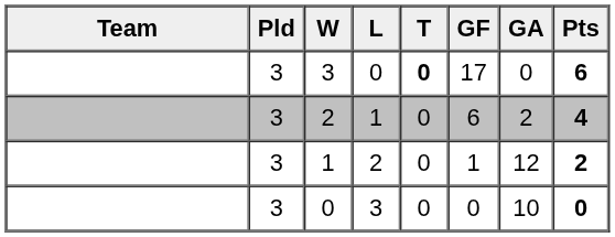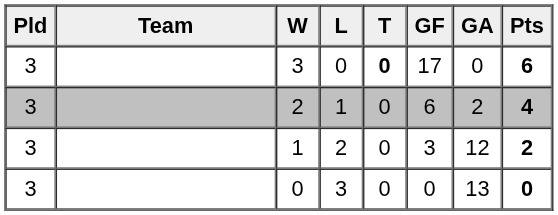 <table border=1 cellpadding=5 cellspacing=0>
 <tr>
+<th bgcolor="#efefef" width="20">Pld</th>
 <th bgcolor="#efefef" width="150">Team</th>
-<th bgcolor="#efefef" width="20">Pld</th>
 <th bgcolor="#efefef" width="20">W</th>
 <th bgcolor="#efefef" width="20">L</th>
 <th bgcolor="#efefef" width="20">T</th>
 <th bgcolor="#efefef" width="20">GF</th>
 <th bgcolor="#efefef" width="20">GA</th>
 <th bgcolor="#efefef" width="20">Pts</th>
 </tr>
 <tr align=center>
+<td>3</td>
 <td align=left></td>
-<td>3</td>
 <td>3</td>
 <td>0</td>
 <td><strong>0</strong></td>
 <td>17</td>
 <td>0</td>
 <td><strong>6</strong></td>
 </tr>
 <tr align=center bgcolor="silver">
+<td>3</td>
 <td align=left> </td>
-<td>3</td>
 <td>2</td>
 <td>1</td>
 <td>0</td>
 <td>6</td>
 <td>2</td>
 <td><strong>4</strong></td>
 </tr>
 <tr align=center>
+<td>3</td>
 <td align=left></td>
-<td>3</td>
 <td>1</td>
 <td>2</td>
 <td>0</td>
-<td>1</td>
+<td>3</td>
 <td>12</td>
 <td><strong>2</strong></td>
 </tr>
 <tr align=center>
+<td>3</td>
 <td align=left></td>
-<td>3</td>
 <td>0</td>
 <td>3</td>
 <td>0</td>
 <td>0</td>
-<td>10</td>
+<td>13</td>
 <td><strong>0</strong></td>
 </tr>
 </table>
